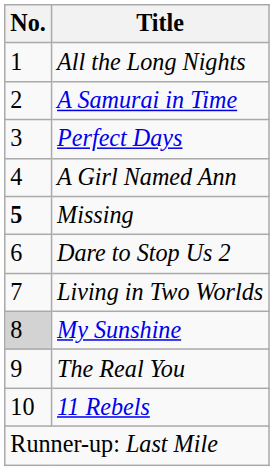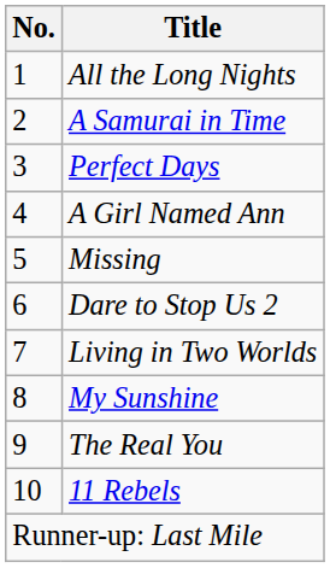 <table class="wikitable">
 <tr>
 <th>No.</th>
 <th>Title</th>
 </tr>
 <tr>
 <td>1</td>
 <td><em>All the Long Nights</em></td>
 </tr>
 <tr>
 <td>2</td>
 <td><em><a href='#'>A Samurai in Time</a></em></td>
 </tr>
 <tr>
 <td>3</td>
 <td><em><a href='#'>Perfect Days</a></em></td>
 </tr>
 <tr>
 <td>4</td>
 <td><em>A Girl Named Ann</em></td>
 </tr>
 <tr>
-<td><strong>5</strong></td>
+<td>5</td>
 <td><em>Missing</em></td>
 </tr>
 <tr>
 <td>6</td>
 <td><em>Dare to Stop Us 2</em></td>
 </tr>
 <tr>
 <td>7</td>
 <td><em>Living in Two Worlds</em></td>
 </tr>
 <tr>
-<td style="background: lightgrey;">8</td>
+<td>8</td>
 <td><em><a href='#'>My Sunshine</a></em></td>
 </tr>
 <tr>
 <td>9</td>
 <td><em>The Real You</em></td>
 </tr>
 <tr>
 <td>10</td>
 <td><em><a href='#'>11 Rebels</a></em></td>
 </tr>
 <tr>
 <td colspan="2">Runner-up: <em>Last Mile</em></td>
 </tr>
 </table>
